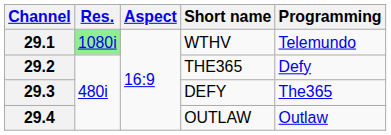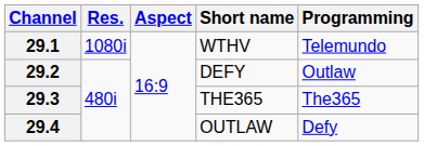 <table class="wikitable">
 <tr>
 <th scope = "col"><a href='#'>Channel</a></th>
 <th scope = "col"><a href='#'>Res.</a></th>
 <th scope = "col"><a href='#'>Aspect</a></th>
 <th scope = "col">Short name</th>
 <th scope = "col">Programming</th>
 </tr>
 <tr>
 <th scope = "row">29.1</th>
-<td style="background: lightgreen;"><a href='#'>1080i</a></td>
+<td><a href='#'>1080i</a></td>
 <td rowspan=4><a href='#'>16:9</a></td>
 <td>WTHV</td>
 <td><a href='#'>Telemundo</a></td>
 </tr>
 <tr>
 <th scope = "row">29.2</th>
 <td rowspan=3><a href='#'>480i</a></td>
-<td>THE365</td>
-<td><a href='#'>Defy</a></td>
+<td>DEFY</td>
+<td><a href='#'>Outlaw</a></td>
 </tr>
 <tr>
 <th scope = "row">29.3</th>
-<td>DEFY</td>
+<td>THE365</td>
 <td><a href='#'>The365</a></td>
 </tr>
 <tr>
 <th scope = "row">29.4</th>
 <td>OUTLAW</td>
-<td><a href='#'>Outlaw</a></td>
+<td><a href='#'>Defy</a></td>
 </tr>
 </table>
